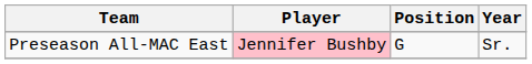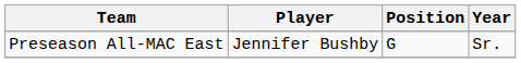 <table class="wikitable" border="1">
 <tr align=center>
 <th style= >Team</th>
 <th style= >Player</th>
 <th style= >Position</th>
 <th style= >Year</th>
 </tr>
 <tr align="center">
 </tr>
 <tr>
 <td>Preseason All-MAC East</td>
-<td style="background: pink;">Jennifer Bushby</td>
+<td>Jennifer Bushby</td>
 <td>G</td>
 <td>Sr.</td>
 </tr>
 <tr>
 </tr>
 </table>
